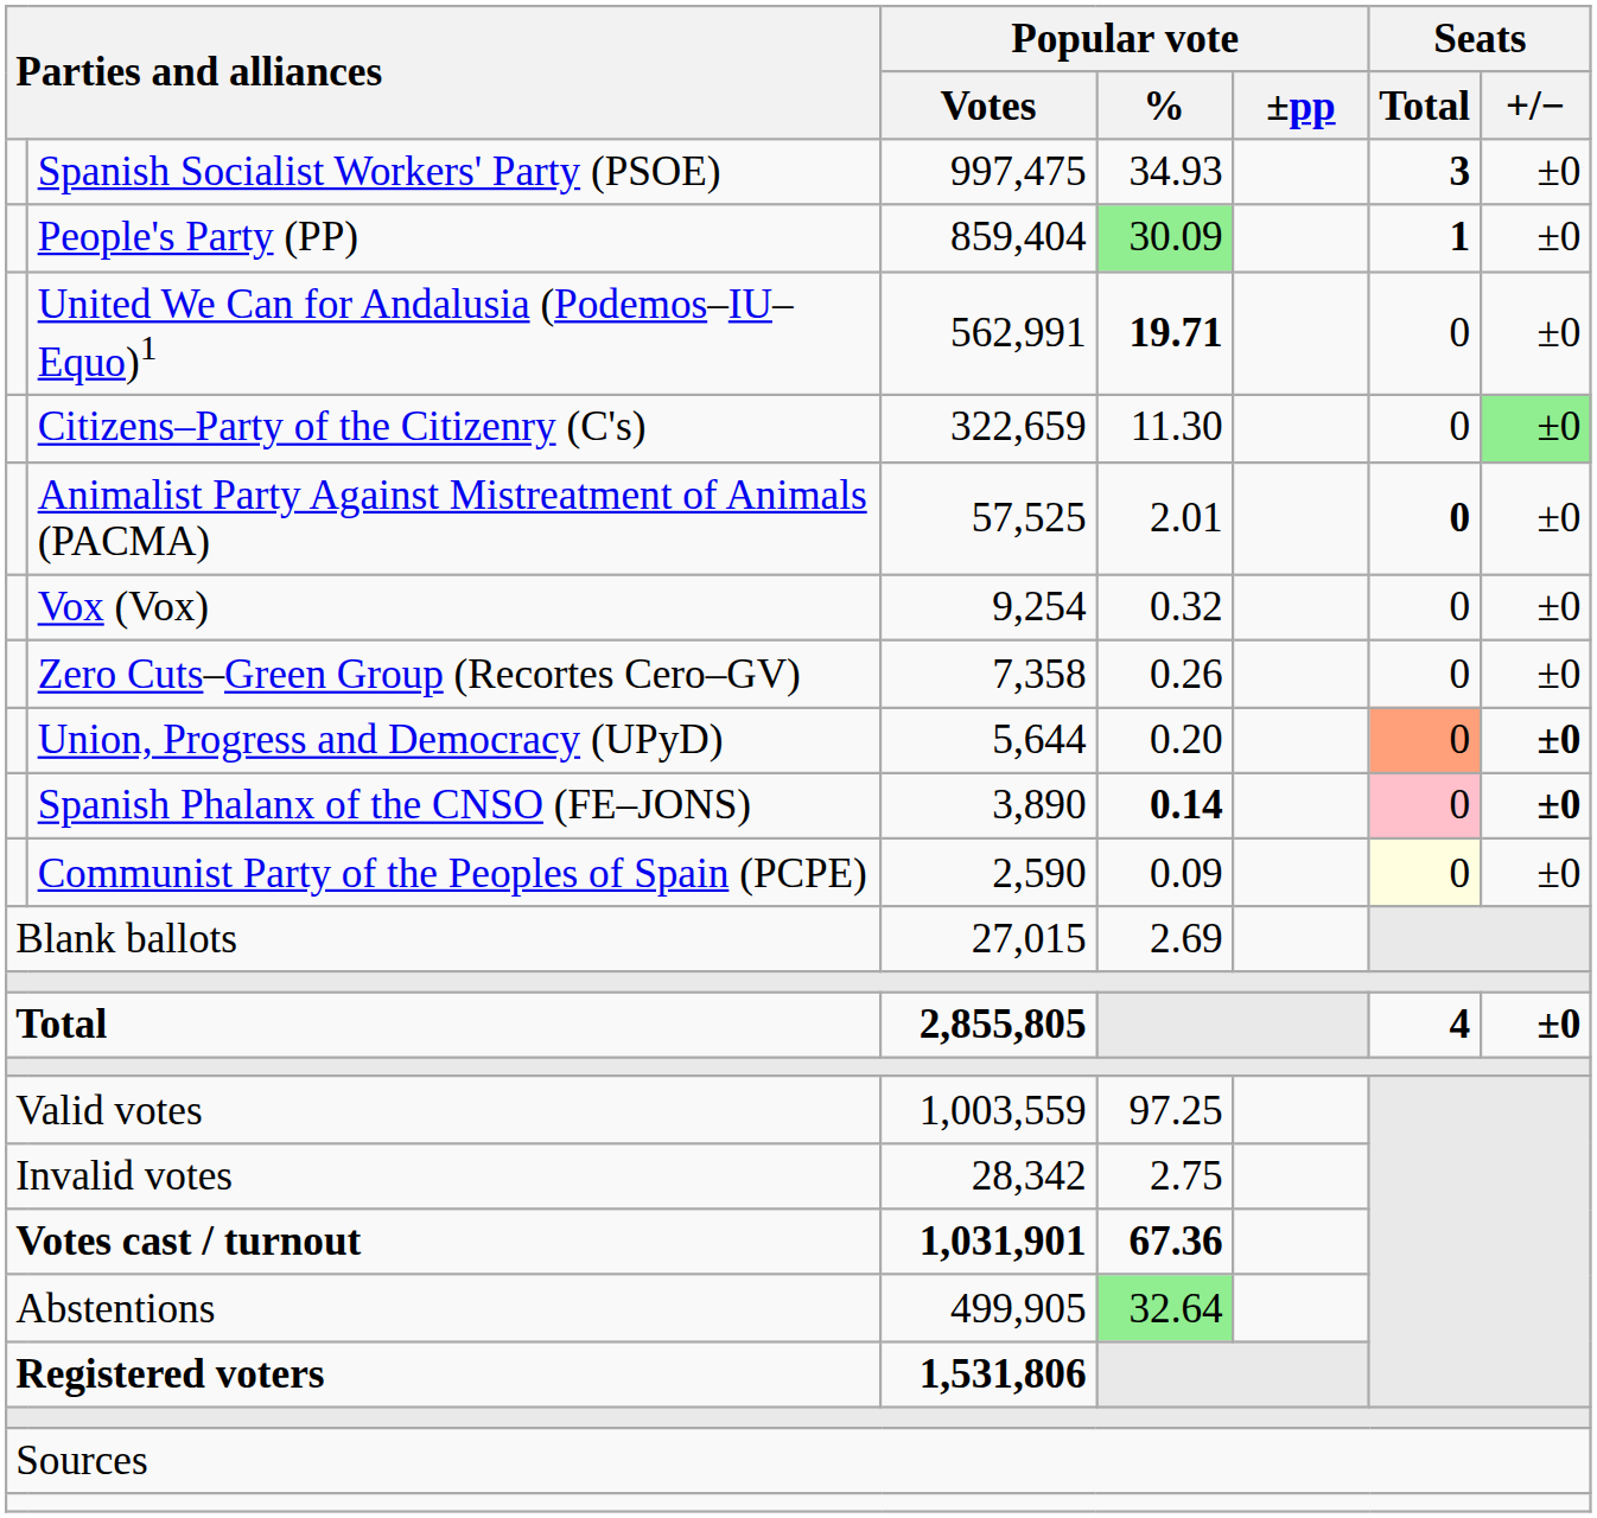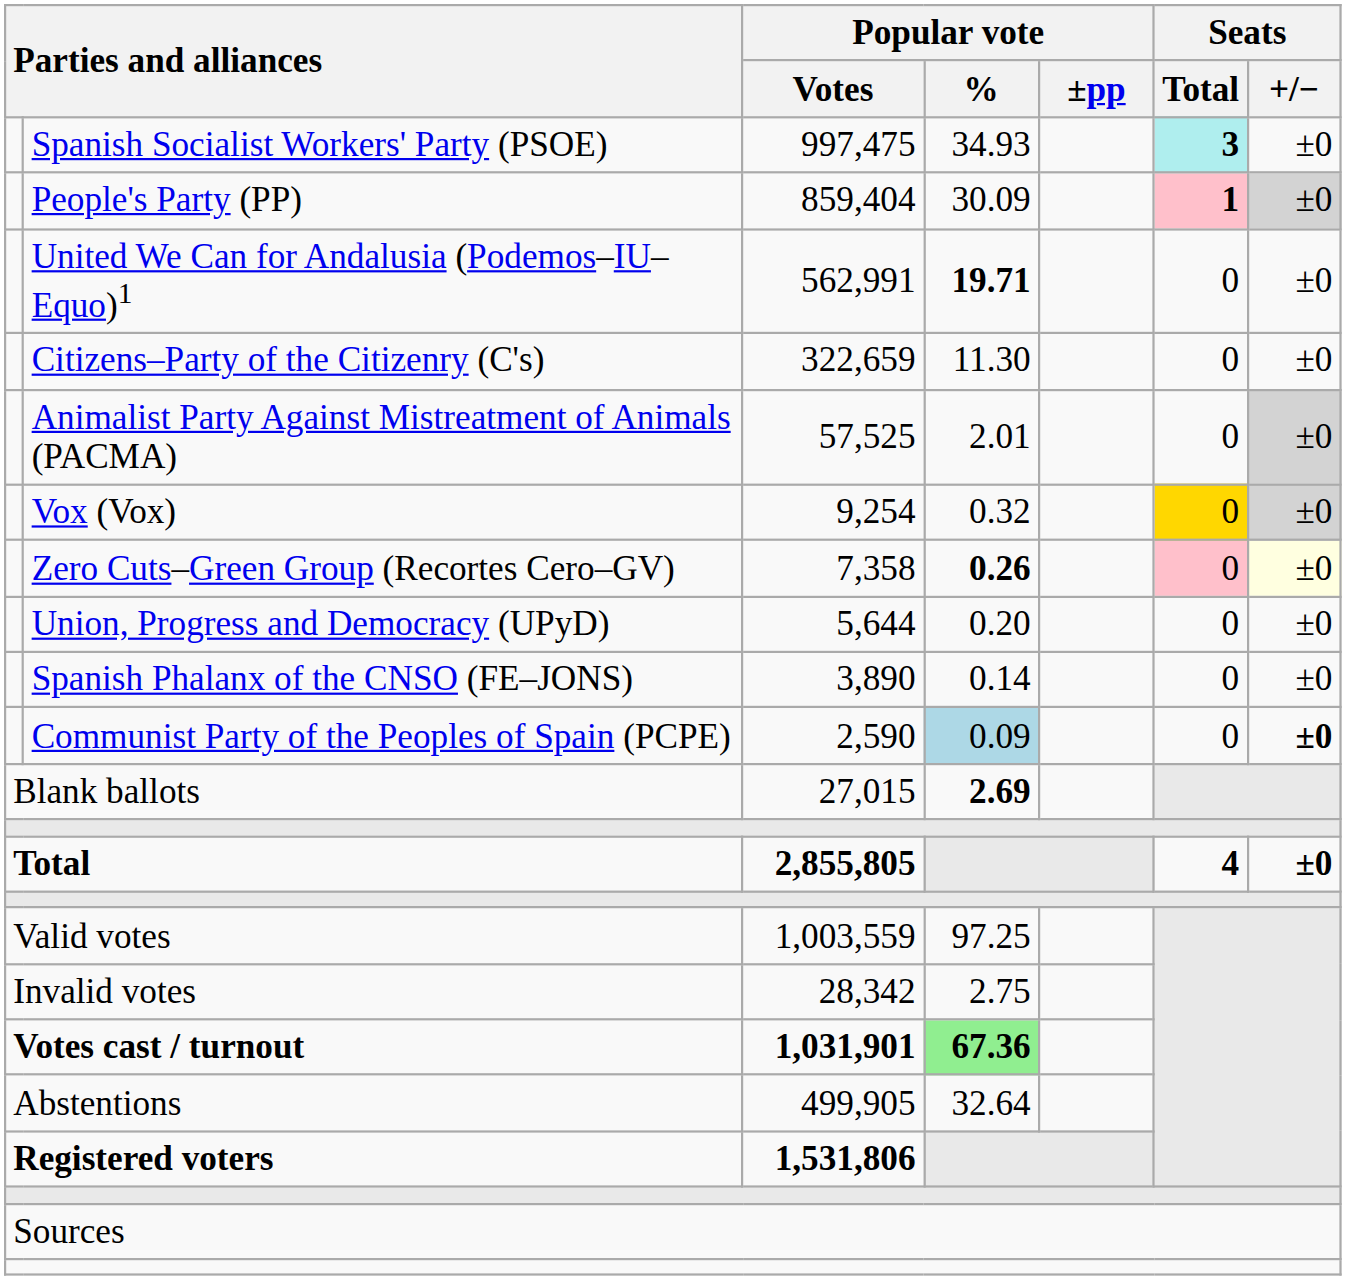 <table class="wikitable" style="text-align:right;">
 <tr>
 <th style="text-align:left;" rowspan="2" colspan="2" width="525">Parties and alliances</th>
 <th colspan="3">Popular vote</th>
 <th colspan="2">Seats</th>
 </tr>
 <tr>
 <th width="75">Votes</th>
 <th width="45">%</th>
 <th width="45">±<a href='#'>pp</a></th>
 <th width="35">Total</th>
 <th width="35">+/−</th>
 </tr>
 <tr>
 <td width="1" style="color:inherit;background:"></td>
 <td align="left"><a href='#'>Spanish Socialist Workers' Party</a> (PSOE)</td>
 <td>997,475</td>
 <td>34.93</td>
 <td></td>
-<td><strong>3</strong></td>
+<td style="background: paleturquoise;"><strong>3</strong></td>
 <td>±0</td>
 </tr>
 <tr>
 <td style="color:inherit;background:"></td>
 <td align="left"><a href='#'>People's Party</a> (PP)</td>
 <td>859,404</td>
-<td style="background: lightgreen;">30.09</td>
+<td>30.09</td>
 <td></td>
-<td><strong>1</strong></td>
-<td>±0</td>
+<td style="background: pink;"><strong>1</strong></td>
+<td style="background: lightgrey;">±0</td>
 </tr>
 <tr>
 <td style="color:inherit;background:"></td>
 <td align="left"><a href='#'>United We Can for Andalusia</a> (<a href='#'>Podemos</a>–<a href='#'>IU</a>–<a href='#'>Equo</a>)<sup>1</sup></td>
 <td>562,991</td>
 <td><strong>19.71</strong></td>
 <td></td>
 <td>0</td>
 <td>±0</td>
 </tr>
 <tr>
 <td style="color:inherit;background:"></td>
 <td align="left"><a href='#'>Citizens–Party of the Citizenry</a> (C's)</td>
 <td>322,659</td>
 <td>11.30</td>
 <td></td>
 <td>0</td>
-<td style="background: lightgreen;">±0</td>
+<td>±0</td>
 </tr>
 <tr>
 <td style="color:inherit;background:"></td>
 <td align="left"><a href='#'>Animalist Party Against Mistreatment of Animals</a> (PACMA)</td>
 <td>57,525</td>
 <td>2.01</td>
 <td></td>
-<td><strong>0</strong></td>
-<td>±0</td>
+<td>0</td>
+<td style="background: lightgrey;">±0</td>
 </tr>
 <tr>
 <td style="color:inherit;background:"></td>
 <td align="left"><a href='#'>Vox</a> (Vox)</td>
 <td>9,254</td>
 <td>0.32</td>
 <td></td>
-<td>0</td>
-<td>±0</td>
+<td style="background: gold;">0</td>
+<td style="background: lightgrey;">±0</td>
 </tr>
 <tr>
 <td style="color:inherit;background:"></td>
 <td align="left"><a href='#'>Zero Cuts</a>–<a href='#'>Green Group</a> (Recortes Cero–GV)</td>
 <td>7,358</td>
-<td>0.26</td>
+<td><strong>0.26</strong></td>
 <td></td>
-<td>0</td>
-<td>±0</td>
+<td style="background: pink;">0</td>
+<td style="background: lightyellow;">±0</td>
 </tr>
 <tr>
 <td style="color:inherit;background:"></td>
 <td align="left"><a href='#'>Union, Progress and Democracy</a> (UPyD)</td>
 <td>5,644</td>
 <td>0.20</td>
 <td></td>
-<td style="background: lightsalmon;">0</td>
-<td><strong>±0</strong></td>
+<td>0</td>
+<td>±0</td>
 </tr>
 <tr>
 <td style="color:inherit;background:"></td>
 <td align="left"><a href='#'>Spanish Phalanx of the CNSO</a> (FE–JONS)</td>
 <td>3,890</td>
-<td><strong>0.14</strong></td>
+<td>0.14</td>
 <td></td>
-<td style="background: pink;">0</td>
-<td><strong>±0</strong></td>
+<td>0</td>
+<td>±0</td>
 </tr>
 <tr>
 <td style="color:inherit;background:"></td>
 <td align="left"><a href='#'>Communist Party of the Peoples of Spain</a> (PCPE)</td>
 <td>2,590</td>
-<td>0.09</td>
+<td style="background: lightblue;">0.09</td>
 <td></td>
-<td style="background: lightyellow;">0</td>
-<td>±0</td>
+<td>0</td>
+<td><strong>±0</strong></td>
 </tr>
 <tr>
 <td align="left" colspan="2">Blank ballots</td>
 <td>27,015</td>
-<td>2.69</td>
+<td><strong>2.69</strong></td>
 <td></td>
 <td bgcolor="#E9E9E9" colspan="2"></td>
 </tr>
 <tr>
 <td colspan="7" bgcolor="#E9E9E9"></td>
 </tr>
 <tr style="font-weight:bold;">
 <td align="left" colspan="2">Total</td>
 <td>2,855,805</td>
 <td bgcolor="#E9E9E9" colspan="2"></td>
 <td>4</td>
 <td>±0</td>
 </tr>
 <tr>
 <td colspan="7" bgcolor="#E9E9E9"></td>
 </tr>
 <tr>
 <td align="left" colspan="2">Valid votes</td>
 <td>1,003,559</td>
 <td>97.25</td>
 <td></td>
 <td bgcolor="#E9E9E9" colspan="2" rowspan="5"></td>
 </tr>
 <tr>
 <td align="left" colspan="2">Invalid votes</td>
 <td>28,342</td>
 <td>2.75</td>
 <td></td>
 </tr>
 <tr style="font-weight:bold;">
 <td align="left" colspan="2">Votes cast / turnout</td>
 <td>1,031,901</td>
-<td>67.36</td>
+<td style="background: lightgreen;">67.36</td>
 <td></td>
 </tr>
 <tr>
 <td align="left" colspan="2">Abstentions</td>
 <td>499,905</td>
-<td style="background: lightgreen;">32.64</td>
+<td>32.64</td>
 <td></td>
 </tr>
 <tr style="font-weight:bold;">
 <td align="left" colspan="2">Registered voters</td>
 <td>1,531,806</td>
 <td bgcolor="#E9E9E9" colspan="2"></td>
 </tr>
 <tr>
 <td colspan="7" bgcolor="#E9E9E9"></td>
 </tr>
 <tr>
 <td align="left" colspan="7">Sources</td>
 </tr>
 <tr>
 <td colspan="7" style="text-align:left; max-width:790px;"></td>
 </tr>
 </table>
